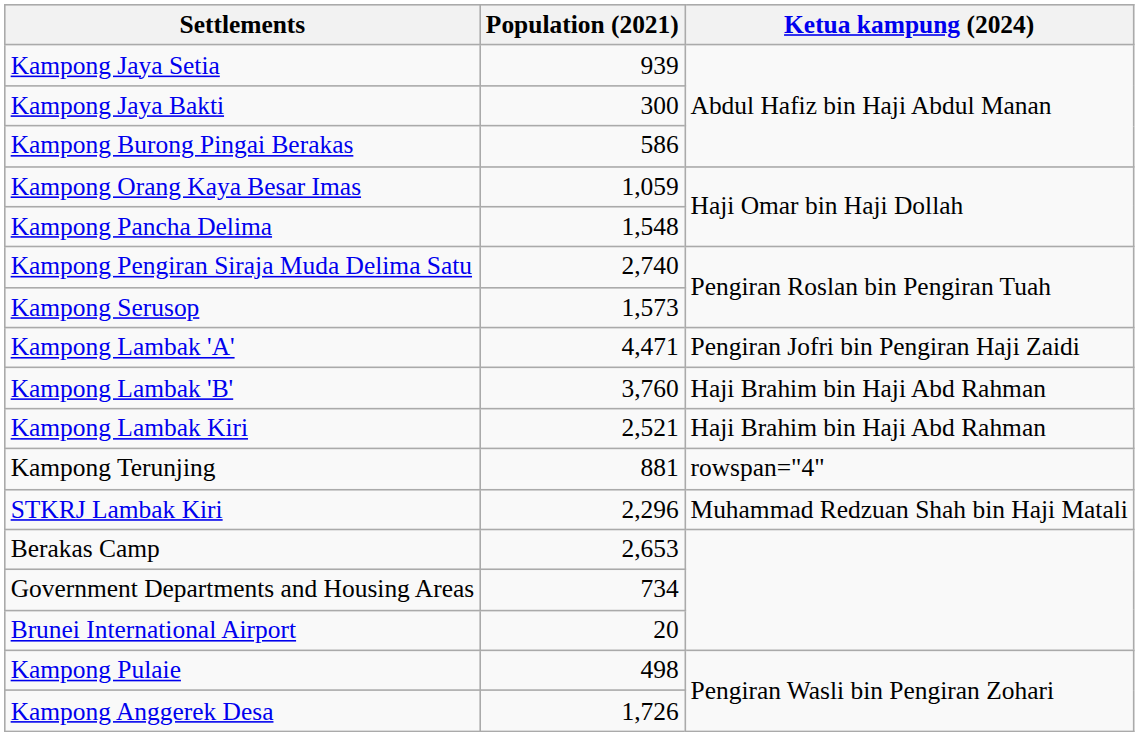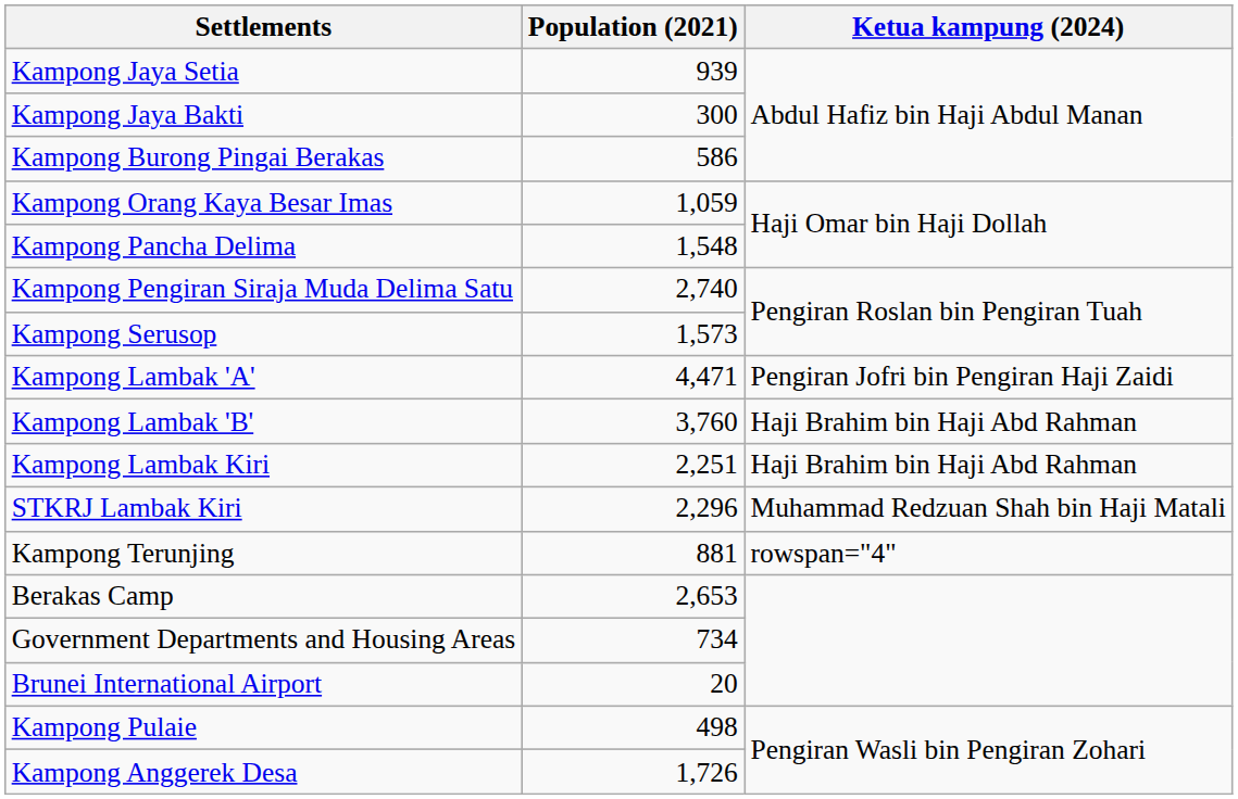 <table class="wikitable">
 <tr>
 <th>Settlements</th>
 <th>Population (2021)</th>
 <th><a href='#'>Ketua kampung</a> (2024)</th>
 </tr>
 <tr>
 <td><a href='#'>Kampong Jaya Setia</a></td>
 <td align="right">939</td>
 <td rowspan="3">Abdul Hafiz bin Haji Abdul Manan</td>
 </tr>
 <tr>
 <td><a href='#'>Kampong Jaya Bakti</a></td>
 <td align="right">300</td>
 </tr>
 <tr>
 <td><a href='#'>Kampong Burong Pingai Berakas</a></td>
 <td align="right">586</td>
 </tr>
 <tr>
 <td><a href='#'>Kampong Orang Kaya Besar Imas</a></td>
 <td align="right">1,059</td>
 <td rowspan="2">Haji Omar bin Haji Dollah</td>
 </tr>
 <tr>
 <td><a href='#'>Kampong Pancha Delima</a></td>
 <td align="right">1,548</td>
 </tr>
 <tr>
 <td><a href='#'>Kampong Pengiran Siraja Muda Delima Satu</a></td>
 <td align="right">2,740</td>
 <td rowspan="2">Pengiran Roslan bin Pengiran Tuah</td>
 </tr>
 <tr>
 <td><a href='#'>Kampong Serusop</a></td>
 <td align="right">1,573</td>
 </tr>
 <tr>
 <td><a href='#'>Kampong Lambak 'A'</a></td>
 <td align="right">4,471</td>
 <td>Pengiran Jofri bin Pengiran Haji Zaidi</td>
 </tr>
 <tr>
 <td><a href='#'>Kampong Lambak 'B'</a></td>
 <td align="right">3,760</td>
 <td>Haji Brahim bin Haji Abd Rahman</td>
 </tr>
 <tr>
 <td><a href='#'>Kampong Lambak Kiri</a></td>
-<td align="right">2,521</td>
+<td align="right">2,251</td>
 <td>Haji Brahim bin Haji Abd Rahman</td>
+</tr>
+<tr>
+<td><a href='#'>STKRJ Lambak Kiri</a></td>
+<td align="right">2,296</td>
+<td>Muhammad Redzuan Shah bin Haji Matali</td>
 </tr>
 <tr>
 <td>Kampong Terunjing</td>
 <td align="right">881</td>
 <td>rowspan="4" </td>
-</tr>
-<tr>
-<td><a href='#'>STKRJ Lambak Kiri</a></td>
-<td align="right">2,296</td>
-<td>Muhammad Redzuan Shah bin Haji Matali</td>
 </tr>
 <tr>
 <td>Berakas Camp</td>
 <td align="right">2,653</td>
 </tr>
 <tr>
 <td>Government Departments and Housing Areas</td>
 <td align="right">734</td>
 </tr>
 <tr>
 <td><a href='#'>Brunei International Airport</a></td>
 <td align="right">20</td>
 </tr>
 <tr>
 <td><a href='#'>Kampong Pulaie</a></td>
 <td align="right">498</td>
 <td rowspan="2">Pengiran Wasli bin Pengiran Zohari</td>
 </tr>
 <tr>
 <td><a href='#'>Kampong Anggerek Desa</a></td>
 <td align="right">1,726</td>
 </tr>
 </table>
